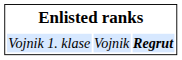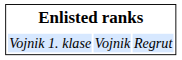 <table style="border:1px solid black; background:white; font-size:95%; margin:auto;">
 <tr>
 <td style="text-align:center;" colspan="4"><big><strong>Enlisted ranks</strong></big></td>
 </tr>
 <tr align=center>
 <td></td>
 <td></td>
 <td></td>
 </tr>
 <tr style="text-align:center; background:#d7e8ff;">
 <td><em>Vojnik 1. klase</em></td>
 <td><em>Vojnik</em></td>
-<td><strong><em>Regrut</em></strong></td>
+<td><em>Regrut</em></td>
 </tr>
 </table>
